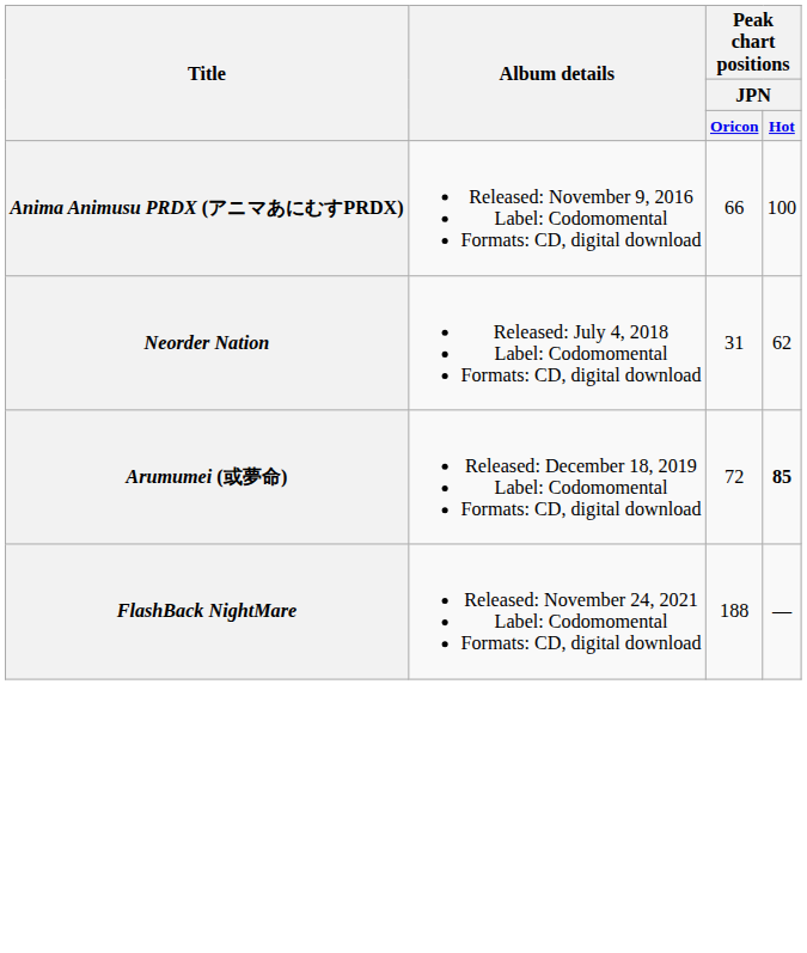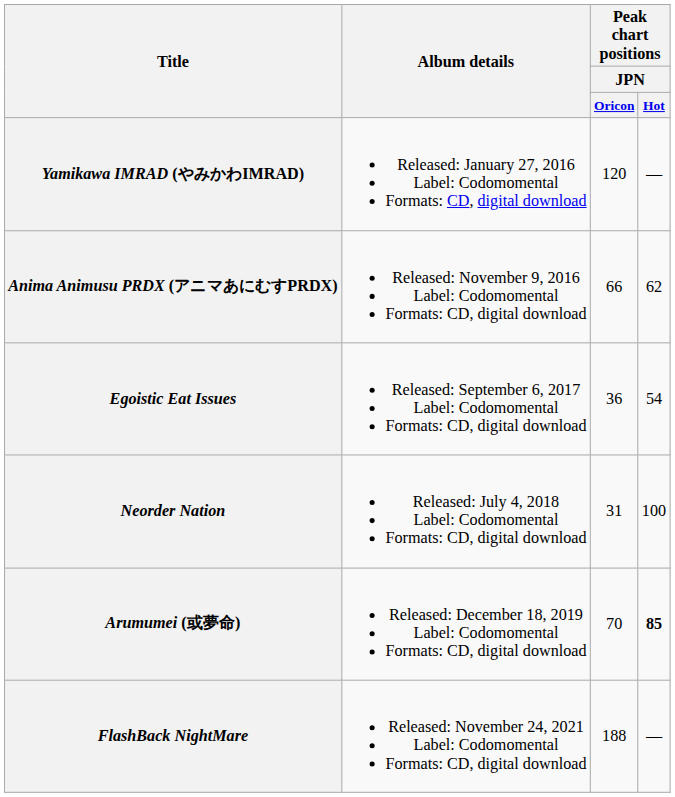 <table class="wikitable plainrowheaders" style="text-align:center;">
 <tr>
 <th scope="col" rowspan="3">Title</th>
 <th scope="col" rowspan="3">Album details</th>
 <th scope="col" colspan="2">Peak <br> chart <br> positions</th>
 </tr>
 <tr>
 <th colspan="2">JPN</th>
 </tr>
 <tr>
 <th scope="col" colspan="1"><small><a href='#'>Oricon</a></small></th>
 <th scope="col" colspan="1"><small><a href='#'>Hot</a></small></th>
 </tr>
 <tr>
+<th scope="row"><em>Yamikawa IMRAD</em> (やみかわIMRAD)</th>
+<td><br><ul><li>Released: January 27, 2016</li><li>Label: Codomomental</li><li>Formats: <a href='#'>CD</a>, <a href='#'>digital download</a></li></ul></td>
+<td>120</td>
+<td>—</td>
+</tr>
+<tr>
 <th scope="row"><em>Anima Animusu PRDX</em> (アニマあにむすPRDX)</th>
 <td><br><ul><li>Released: November 9, 2016</li><li>Label: Codomomental</li><li>Formats: CD, digital download</li></ul></td>
 <td>66</td>
-<td>100</td>
+<td>62</td>
+</tr>
+<tr>
+<th scope="row"><em>Egoistic Eat Issues</em></th>
+<td><br><ul><li>Released: September 6, 2017</li><li>Label: Codomomental</li><li>Formats: CD, digital download</li></ul></td>
+<td>36</td>
+<td>54</td>
 </tr>
 <tr>
 <th scope="row"><em>Neorder Nation</em></th>
 <td><br><ul><li>Released: July 4, 2018</li><li>Label: Codomomental</li><li>Formats: CD, digital download</li></ul></td>
 <td>31</td>
-<td>62</td>
+<td>100</td>
 </tr>
 <tr>
 <th scope="row"><em>Arumumei</em> (或夢命)</th>
 <td><br><ul><li>Released: December 18, 2019</li><li>Label: Codomomental</li><li>Formats: CD, digital download</li></ul></td>
-<td>72</td>
+<td>70</td>
 <td><strong>85</strong></td>
 </tr>
 <tr>
 <th scope="row"><em>FlashBack NightMare</em></th>
 <td><br><ul><li>Released: November 24, 2021</li><li>Label: Codomomental</li><li>Formats: CD, digital download</li></ul></td>
 <td>188</td>
 <td>—</td>
 </tr>
 </table>
